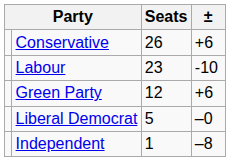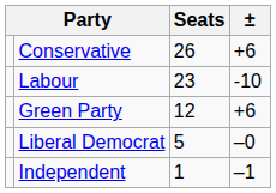 <table class="wikitable">
 <tr>
 <th colspan="2">Party</th>
 <th>Seats</th>
 <th>  ±  </th>
 </tr>
 <tr>
 <td style="background-color: "></td>
 <td><a href='#'>Conservative</a></td>
 <td>26</td>
 <td>+6</td>
 </tr>
 <tr>
 <td style="background-color: "></td>
 <td><a href='#'>Labour</a></td>
 <td>23</td>
 <td>-10</td>
 </tr>
 <tr>
 <td style="background-color: "></td>
 <td><a href='#'>Green Party</a></td>
 <td>12</td>
 <td>+6</td>
 </tr>
 <tr>
 <td style="background-color: "></td>
 <td><a href='#'>Liberal Democrat</a></td>
 <td>5</td>
 <td>–0</td>
 </tr>
 <tr>
 <td style="backgrouns-color: "></td>
 <td><a href='#'>Independent</a></td>
 <td>1</td>
-<td>–8</td>
+<td>–1</td>
 </tr>
 </table>
